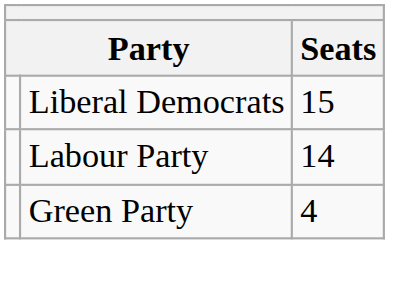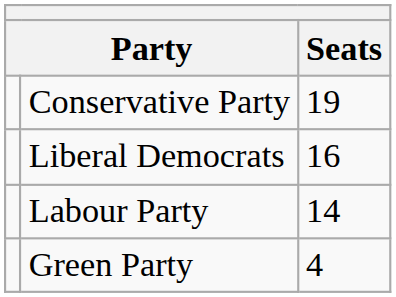 <table class="wikitable">
 <tr>
 <th colspan="3"></th>
 </tr>
 <tr>
 <th colspan="2">Party</th>
 <th>Seats</th>
 </tr>
 <tr>
 <td style="color:inherit;background:"></td>
+<td>Conservative Party</td>
+<td>19</td>
+</tr>
+<tr>
+<td style="color:inherit;background:"></td>
 <td>Liberal Democrats</td>
-<td>15</td>
+<td>16</td>
 </tr>
 <tr>
 <td style="color:inherit;background:"></td>
 <td>Labour Party</td>
 <td>14</td>
 </tr>
 <tr>
 <td style="color:inherit;background:"></td>
 <td>Green Party</td>
 <td>4</td>
 </tr>
 </table>
